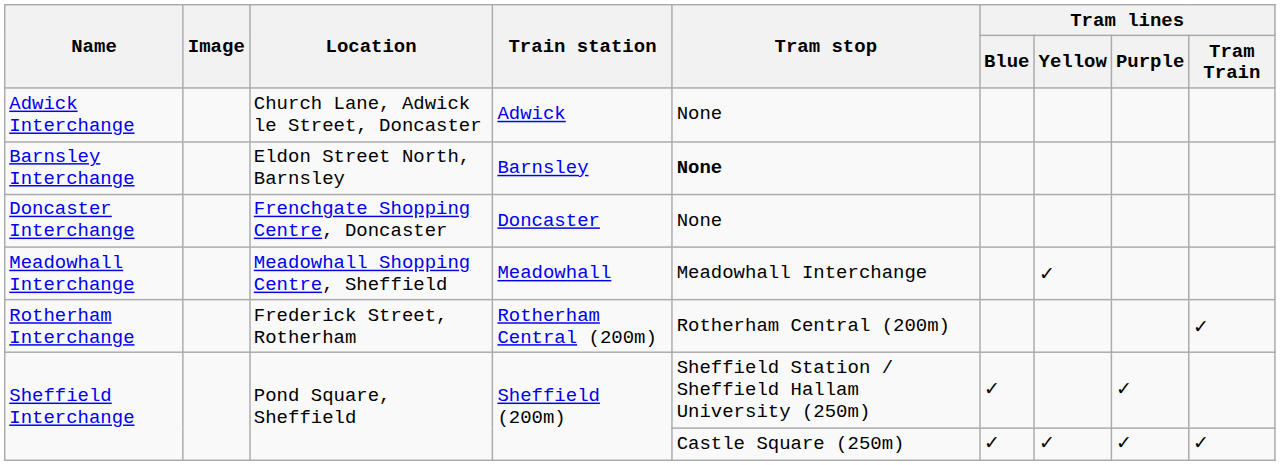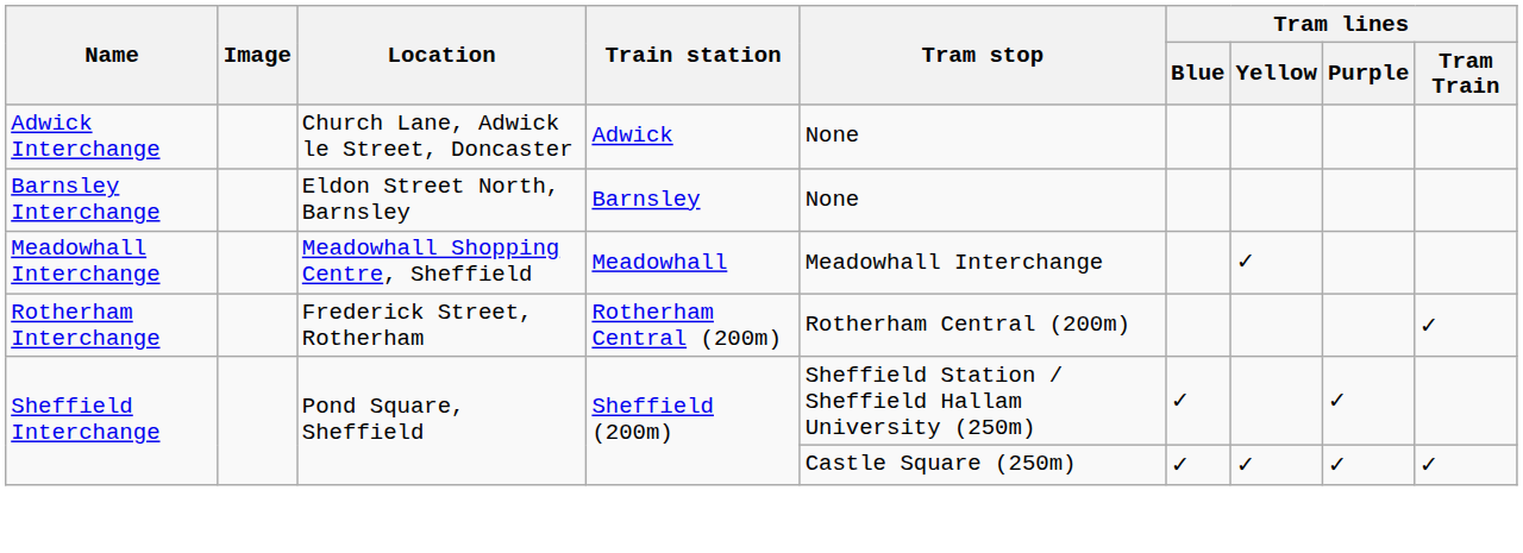 <table class="wikitable">
 <tr>
 <th rowspan="2">Name</th>
 <th rowspan="2">Image</th>
 <th rowspan="2">Location</th>
 <th rowspan="2">Train station</th>
 <th rowspan="2">Tram stop</th>
 <th colspan="4">Tram lines</th>
 </tr>
 <tr>
 <th style="background: #">Blue</th>
 <th style="background: #">Yellow</th>
 <th style="background: #">Purple</th>
 <th style="background: #">Tram Train</th>
 </tr>
 <tr>
 <td><a href='#'>Adwick Interchange</a></td>
 <td></td>
 <td>Church Lane, Adwick le Street, Doncaster</td>
 <td> <a href='#'>Adwick</a></td>
 <td>None</td>
 <td></td>
 <td></td>
 <td></td>
 <td></td>
 </tr>
 <tr>
 <td><a href='#'>Barnsley Interchange</a></td>
 <td></td>
 <td>Eldon Street North, Barnsley</td>
 <td> <a href='#'>Barnsley</a></td>
-<td><strong>None</strong></td>
-<td></td>
-<td></td>
-<td></td>
-<td></td>
-</tr>
-<tr>
-<td><a href='#'>Doncaster Interchange</a></td>
-<td></td>
-<td><a href='#'>Frenchgate Shopping Centre</a>, Doncaster</td>
-<td> <a href='#'>Doncaster</a></td>
 <td>None</td>
 <td></td>
 <td></td>
 <td></td>
 <td></td>
 </tr>
 <tr>
 <td><a href='#'>Meadowhall Interchange</a></td>
 <td></td>
 <td><a href='#'>Meadowhall Shopping Centre</a>, Sheffield</td>
 <td> <a href='#'>Meadowhall</a></td>
 <td><small></small> Meadowhall Interchange</td>
 <td></td>
 <td>✓</td>
 <td></td>
 <td></td>
 </tr>
 <tr>
 <td><a href='#'>Rotherham Interchange</a></td>
 <td></td>
 <td>Frederick Street, Rotherham</td>
 <td> <a href='#'>Rotherham Central</a> (200m)</td>
 <td><small></small> Rotherham Central (200m)</td>
 <td></td>
 <td></td>
 <td></td>
 <td>✓</td>
 </tr>
 <tr>
 <td rowspan="2"><a href='#'>Sheffield Interchange</a></td>
 <td rowspan="2"></td>
 <td rowspan="2">Pond Square, Sheffield</td>
 <td rowspan="2"> <a href='#'>Sheffield</a> (200m)</td>
 <td><small></small> Sheffield Station / Sheffield Hallam University (250m)</td>
 <td>✓</td>
 <td></td>
 <td>✓</td>
 <td></td>
 </tr>
 <tr>
 <td><small></small> Castle Square (250m)</td>
 <td>✓</td>
 <td>✓</td>
 <td>✓</td>
 <td>✓</td>
 </tr>
 </table>
